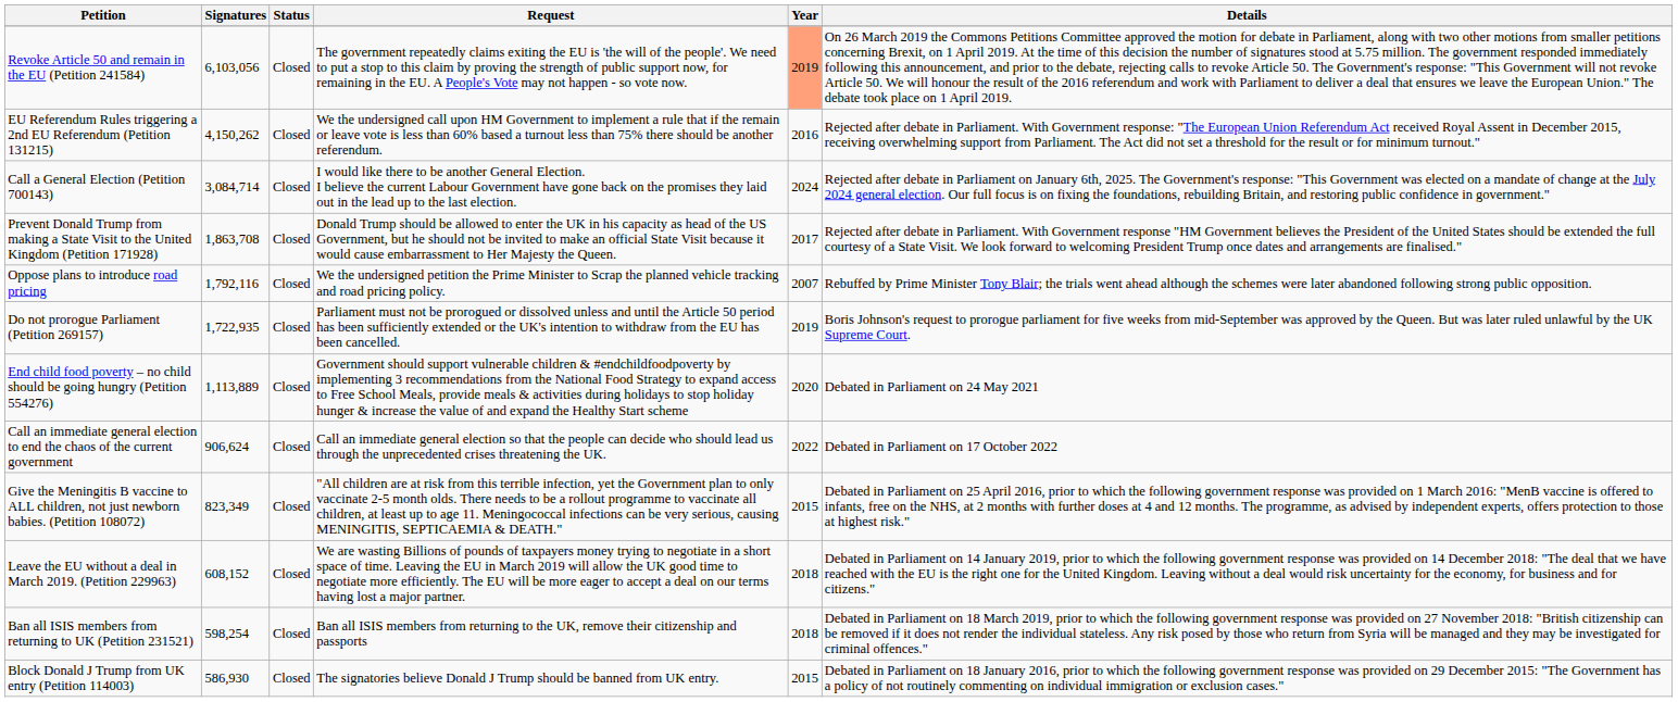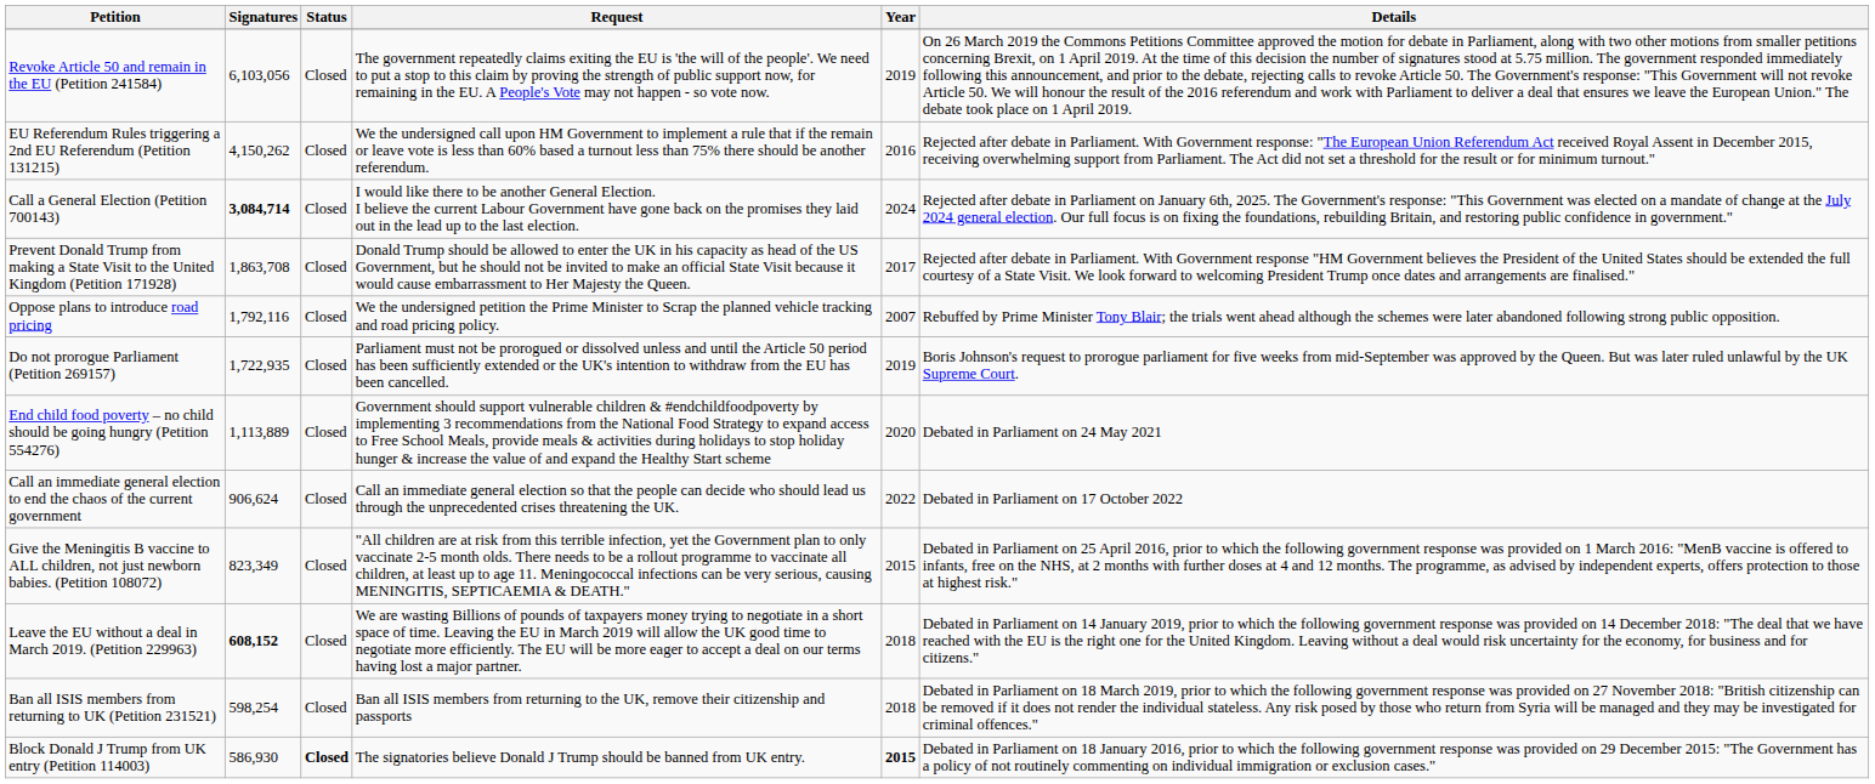 <table class="wikitable sortable" border="1" style="text-align:left">
 <tr>
 <th width="225px">Petition</th>
 <th>Signatures</th>
 <th>Status</th>
 <th class=unsortable>Request</th>
 <th>Year</th>
 <th class=unsortable>Details</th>
 </tr>
 <tr align="">
 </tr>
 <tr>
 <td><a href='#'>Revoke Article 50 and remain in the EU</a> (Petition 241584)</td>
 <td>6,103,056</td>
 <td>Closed</td>
 <td>The government repeatedly claims exiting the EU is 'the will of the people'. We need to put a stop to this claim by proving the strength of public support now, for remaining in the EU. A <a href='#'>People's Vote</a> may not happen - so vote now.</td>
-<td style="background: lightsalmon;">2019</td>
+<td>2019</td>
 <td>On 26 March 2019 the Commons Petitions Committee approved the motion for debate in Parliament, along with two other motions from smaller petitions concerning Brexit, on 1 April 2019. At the time of this decision the number of signatures stood at 5.75 million. The government responded immediately following this announcement, and prior to the debate, rejecting calls to revoke Article 50. The Government's response: "This Government will not revoke Article 50. We will honour the result of the 2016 referendum and work with Parliament to deliver a deal that ensures we leave the European Union." The debate took place on 1 April 2019.</td>
 </tr>
 <tr>
 <td>EU Referendum Rules triggering a 2nd EU Referendum (Petition 131215)</td>
 <td>4,150,262</td>
 <td>Closed</td>
 <td>We the undersigned call upon HM Government to implement a rule that if the remain or leave vote is less than 60% based a turnout less than 75% there should be another referendum.</td>
 <td>2016</td>
 <td>Rejected after debate in Parliament. With Government response: "<a href='#'>The European Union Referendum Act</a> received Royal Assent in December 2015, receiving overwhelming support from Parliament. The Act did not set a threshold for the result or for minimum turnout."</td>
 </tr>
 <tr>
 <td>Call a General Election (Petition 700143)</td>
-<td>3,084,714</td>
+<td><strong>3,084,714</strong></td>
 <td>Closed</td>
 <td>I would like there to be another General Election.<br>I believe the current Labour Government have gone back on the promises they laid out in the lead up to the last election.</td>
 <td>2024</td>
 <td>Rejected after debate in Parliament on January 6th, 2025. The Government's response: "This Government was elected on a mandate of change at the <a href='#'>July 2024 general election</a>. Our full focus is on fixing the foundations, rebuilding Britain, and restoring public confidence in government."</td>
 </tr>
 <tr>
 <td>Prevent Donald Trump from making a State Visit to the United Kingdom (Petition 171928)</td>
 <td>1,863,708</td>
 <td>Closed</td>
 <td>Donald Trump should be allowed to enter the UK in his capacity as head of the US Government, but he should not be invited to make an official State Visit because it would cause embarrassment to Her Majesty the Queen.</td>
 <td>2017</td>
 <td>Rejected after debate in Parliament. With Government response "HM Government believes the President of the United States should be extended the full courtesy of a State Visit. We look forward to welcoming President Trump once dates and arrangements are finalised."</td>
 </tr>
 <tr>
 <td>Oppose plans to introduce <a href='#'>road pricing</a></td>
 <td>1,792,116</td>
 <td>Closed</td>
 <td>We the undersigned petition the Prime Minister to Scrap the planned vehicle tracking and road pricing policy.</td>
 <td>2007</td>
 <td>Rebuffed by Prime Minister <a href='#'>Tony Blair</a>; the trials went ahead although the schemes were later abandoned following strong public opposition.</td>
 </tr>
 <tr>
 <td>Do not prorogue Parliament (Petition 269157)</td>
 <td>1,722,935</td>
 <td>Closed</td>
 <td>Parliament must not be prorogued or dissolved unless and until the Article 50 period has been sufficiently extended or the UK's intention to withdraw from the EU has been cancelled.</td>
 <td>2019</td>
 <td>Boris Johnson's request to prorogue parliament for five weeks from mid-September was approved by the Queen. But was later ruled unlawful by the UK <a href='#'>Supreme Court</a>.</td>
 </tr>
 <tr>
 <td><a href='#'>End child food poverty</a> – no child should be going hungry (Petition 554276)</td>
 <td>1,113,889</td>
 <td>Closed</td>
 <td>Government should support vulnerable children & #endchildfoodpoverty by implementing 3 recommendations from the National Food Strategy to expand access to Free School Meals, provide meals & activities during holidays to stop holiday hunger & increase the value of and expand the Healthy Start scheme</td>
 <td>2020</td>
 <td>Debated in Parliament on 24 May 2021</td>
 </tr>
 <tr>
 <td>Call an immediate general election to end the chaos of the current government</td>
 <td>906,624</td>
 <td>Closed</td>
 <td>Call an immediate general election so that the people can decide who should lead us through the unprecedented crises threatening the UK.</td>
 <td>2022</td>
 <td>Debated in Parliament on 17 October 2022</td>
 </tr>
 <tr>
 <td>Give the Meningitis B vaccine to ALL children, not just newborn babies. (Petition 108072)</td>
 <td>823,349</td>
 <td>Closed</td>
 <td>"All children are at risk from this terrible infection, yet the Government plan to only vaccinate 2-5 month olds. There needs to be a rollout programme to vaccinate all children, at least up to age 11. Meningococcal infections can be very serious, causing MENINGITIS, SEPTICAEMIA & DEATH."</td>
 <td>2015</td>
 <td>Debated in Parliament on 25 April 2016, prior to which the following government response was provided on 1 March 2016: "MenB vaccine is offered to infants, free on the NHS, at 2 months with further doses at 4 and 12 months. The programme, as advised by independent experts, offers protection to those at highest risk."</td>
 </tr>
 <tr>
 <td>Leave the EU without a deal in March 2019. (Petition 229963)</td>
-<td>608,152</td>
+<td><strong>608,152</strong></td>
 <td>Closed</td>
 <td>We are wasting Billions of pounds of taxpayers money trying to negotiate in a short space of time. Leaving the EU in March 2019 will allow the UK good time to negotiate more efficiently. The EU will be more eager to accept a deal on our terms having lost a major partner.</td>
 <td>2018</td>
 <td>Debated in Parliament on 14 January 2019, prior to which the following government response was provided on 14 December 2018: "The deal that we have reached with the EU is the right one for the United Kingdom. Leaving without a deal would risk uncertainty for the economy, for business and for citizens."</td>
 </tr>
 <tr>
 <td>Ban all ISIS members from returning to UK (Petition 231521)</td>
 <td>598,254</td>
 <td>Closed</td>
 <td>Ban all ISIS members from returning to the UK, remove their citizenship and passports</td>
 <td>2018</td>
 <td>Debated in Parliament on 18 March 2019, prior to which the following government response was provided on 27 November 2018: "British citizenship can be removed if it does not render the individual stateless. Any risk posed by those who return from Syria will be managed and they may be investigated for criminal offences."</td>
 </tr>
 <tr>
 <td>Block Donald J Trump from UK entry (Petition 114003)</td>
 <td>586,930</td>
-<td>Closed</td>
+<td><strong>Closed</strong></td>
 <td>The signatories believe Donald J Trump should be banned from UK entry.</td>
-<td>2015</td>
+<td><strong>2015</strong></td>
 <td>Debated in Parliament on 18 January 2016, prior to which the following government response was provided on 29 December 2015: "The Government has a policy of not routinely commenting on individual immigration or exclusion cases."</td>
 </tr>
 </table>
